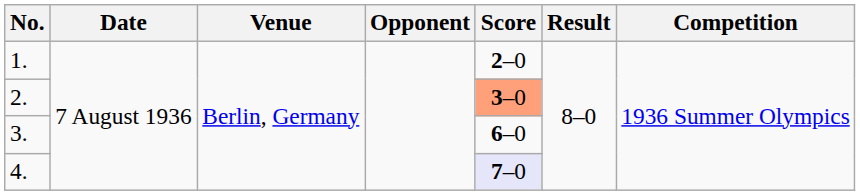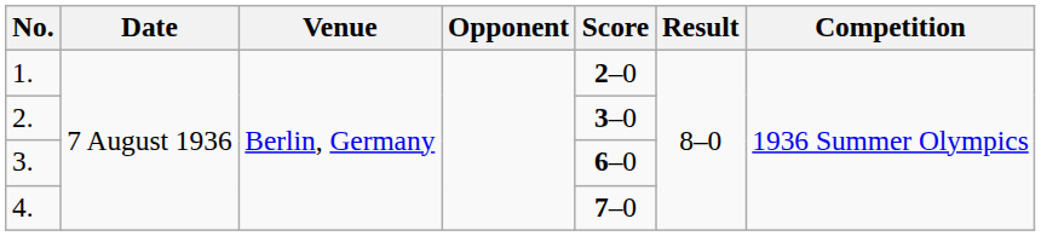 <table class="wikitable">
 <tr>
 <th>No.</th>
 <th>Date</th>
 <th>Venue</th>
 <th>Opponent</th>
 <th>Score</th>
 <th>Result</th>
 <th>Competition</th>
 </tr>
 <tr>
 <td>1.</td>
 <td rowspan=4>7 August 1936</td>
 <td rowspan=4><a href='#'>Berlin</a>, <a href='#'>Germany</a></td>
 <td rowspan=4></td>
 <td align=center><strong>2</strong>–0</td>
 <td rowspan=4 align=center>8–0</td>
 <td rowspan=4><a href='#'>1936 Summer Olympics</a></td>
 </tr>
 <tr>
 <td>2.</td>
-<td align=center style="background: lightsalmon;"><strong>3</strong>–0</td>
+<td align=center><strong>3</strong>–0</td>
 </tr>
 <tr>
 <td>3.</td>
 <td align=center><strong>6</strong>–0</td>
 </tr>
 <tr>
 <td>4.</td>
-<td align=center style="background: lavender;"><strong>7</strong>–0</td>
+<td align=center><strong>7</strong>–0</td>
 </tr>
 </table>
